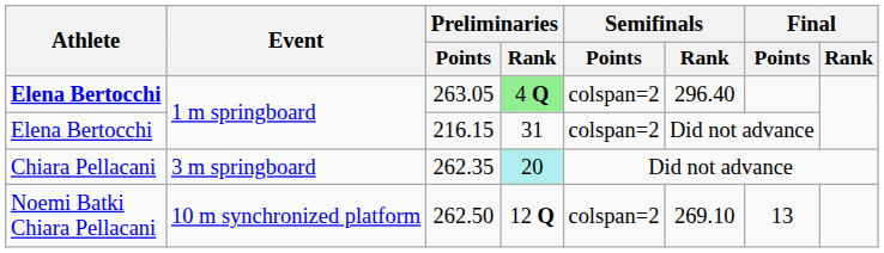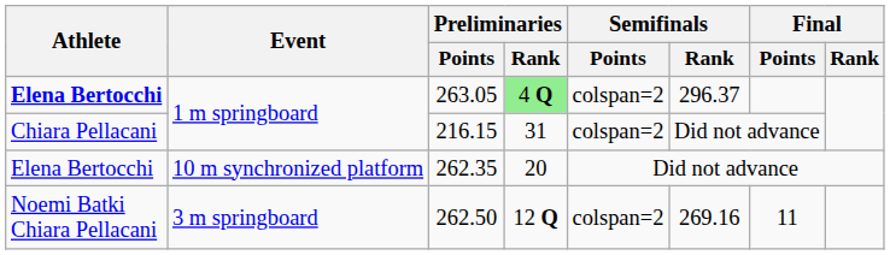 <table class=wikitable style="font-size:90%;">
 <tr>
 <th rowspan="2">Athlete</th>
 <th rowspan="2">Event</th>
 <th colspan="2">Preliminaries</th>
 <th colspan="2">Semifinals</th>
 <th colspan="2">Final</th>
 </tr>
 <tr style="font-size:95%">
 <th>Points</th>
 <th>Rank</th>
 <th>Points</th>
 <th>Rank</th>
 <th>Points</th>
 <th>Rank</th>
 </tr>
 <tr align=center>
 <td align=left><strong><a href='#'>Elena Bertocchi</a></strong></td>
 <td align=left rowspan=2><a href='#'>1 m springboard</a></td>
 <td>263.05</td>
 <td style="background: lightgreen;">4 <strong>Q</strong></td>
 <td>colspan=2 </td>
-<td>296.40</td>
+<td>296.37</td>
 <td></td>
 </tr>
 <tr align=center>
-<td align=left><a href='#'>Elena Bertocchi</a></td>
+<td align=left><a href='#'>Chiara Pellacani</a></td>
 <td>216.15</td>
 <td>31</td>
 <td>colspan=2 </td>
 <td colspan=2>Did not advance</td>
 </tr>
 <tr align=center>
-<td align=left><a href='#'>Chiara Pellacani</a></td>
-<td align=left><a href='#'>3 m springboard</a></td>
+<td align=left><a href='#'>Elena Bertocchi</a></td>
+<td align=left><a href='#'>10 m synchronized platform</a></td>
 <td>262.35</td>
-<td style="background: paleturquoise;">20</td>
+<td>20</td>
 <td colspan=4>Did not advance</td>
 </tr>
 <tr align=center>
 <td align=left><a href='#'>Noemi Batki</a><br><a href='#'>Chiara Pellacani</a></td>
-<td align=left><a href='#'>10 m synchronized platform</a></td>
+<td align=left><a href='#'>3 m springboard</a></td>
 <td>262.50</td>
 <td>12 <strong>Q</strong></td>
 <td>colspan=2 </td>
-<td>269.10</td>
-<td>13</td>
+<td>269.16</td>
+<td>11</td>
 </tr>
 </table>
